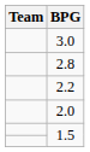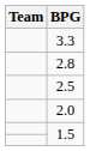 <table class=wikitable>
 <tr>
 <th>Team</th>
 <th>BPG</th>
 </tr>
 <tr>
 <td></td>
-<td align=center>3.0</td>
+<td align=center>3.3</td>
 </tr>
 <tr>
 <td></td>
 <td align=center>2.8</td>
 </tr>
 <tr>
 <td></td>
-<td align=center>2.2</td>
+<td align=center>2.5</td>
 </tr>
 <tr>
 <td></td>
 <td align=center>2.0</td>
 </tr>
 <tr>
 <td></td>
 <td align=center rowspan=2>1.5</td>
 </tr>
 <tr>
 <td></td>
 </tr>
 </table>
